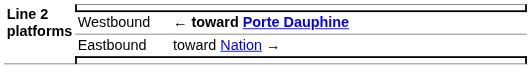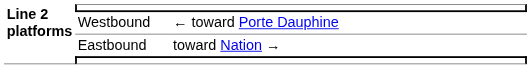 <table border=0 cellspacing=0 cellpadding=3>
 <tr>
 <td style="border-bottom:solid 1px gray;" width=50 rowspan=10 valign=top><strong>Line 2 platforms</strong></td>
 <td style="border-top:solid 1px gray;border-right:solid 2px black;border-left:solid 2px black;border-bottom:solid 2px black;text-align:center;" colspan=2></td>
 </tr>
 <tr>
 <td style="border-bottom:solid 1px gray;" width=100>Westbound</td>
-<td style="border-bottom:solid 1px gray;" width=390><strong>←   toward <a href='#'>Porte Dauphine</a> </strong></td>
+<td style="border-bottom:solid 1px gray;" width=390>←   toward <a href='#'>Porte Dauphine</a> </td>
 </tr>
 <tr>
 <td>Eastbound</td>
 <td>   toward <a href='#'>Nation</a>  →</td>
 </tr>
 <tr>
 <td style="border-top:solid 2px black;border-right:solid 2px black;border-left:solid 2px black;border-bottom:solid 1px gray;text-align:center;" colspan=2></td>
 </tr>
 </table>
